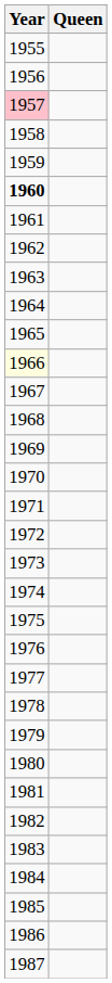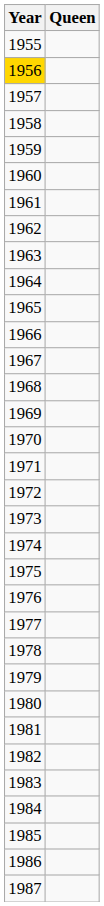 <table class="wikitable sortable">
 <tr>
 <th>Year</th>
 <th>Queen</th>
 </tr>
 <tr>
 <td align=center>1955</td>
 <td></td>
 </tr>
 <tr>
-<td align=center>1956</td>
+<td align=center style="background: gold;">1956</td>
 <td></td>
 </tr>
 <tr>
-<td align=center style="background: pink;">1957</td>
+<td align=center>1957</td>
 <td></td>
 </tr>
 <tr>
 <td align=center>1958</td>
 <td></td>
 </tr>
 <tr>
 <td align=center>1959</td>
 <td></td>
 </tr>
 <tr>
-<td align=center><strong>1960</strong></td>
+<td align=center>1960</td>
 <td></td>
 </tr>
 <tr>
 <td align=center>1961</td>
 <td></td>
 </tr>
 <tr>
 <td align=center>1962</td>
 <td></td>
 </tr>
 <tr>
 <td align=center>1963</td>
 <td></td>
 </tr>
 <tr>
 <td align=center>1964</td>
 <td></td>
 </tr>
 <tr>
 <td align=center>1965</td>
 <td></td>
 </tr>
 <tr>
-<td align=center style="background: lightyellow;">1966</td>
+<td align=center>1966</td>
 <td></td>
 </tr>
 <tr>
 <td align=center>1967</td>
 <td></td>
 </tr>
 <tr>
 <td align=center>1968</td>
 <td></td>
 </tr>
 <tr>
 <td align=center>1969</td>
 <td></td>
 </tr>
 <tr>
 <td align=center>1970</td>
 <td></td>
 </tr>
 <tr>
 <td align=center>1971</td>
 <td></td>
 </tr>
 <tr>
 <td align=center>1972</td>
 <td></td>
 </tr>
 <tr>
 <td align=center>1973</td>
 <td></td>
 </tr>
 <tr>
 <td align=center>1974</td>
 <td></td>
 </tr>
 <tr>
 <td align=center>1975</td>
 <td></td>
 </tr>
 <tr>
 <td align=center>1976</td>
 <td></td>
 </tr>
 <tr>
 <td align=center>1977</td>
 <td></td>
 </tr>
 <tr>
 <td align=center>1978</td>
 <td></td>
 </tr>
 <tr>
 <td align=center>1979</td>
 <td></td>
 </tr>
 <tr>
 <td align=center>1980</td>
 <td></td>
 </tr>
 <tr>
 <td align=center>1981</td>
 <td></td>
 </tr>
 <tr>
 <td align=center>1982</td>
 <td></td>
 </tr>
 <tr>
 <td align=center>1983</td>
 <td></td>
 </tr>
 <tr>
 <td align=center>1984</td>
 <td></td>
 </tr>
 <tr>
 <td align=center>1985</td>
 <td></td>
 </tr>
 <tr>
 <td align=center>1986</td>
 <td></td>
 </tr>
 <tr>
 <td align=center>1987</td>
 <td></td>
 </tr>
 </table>
